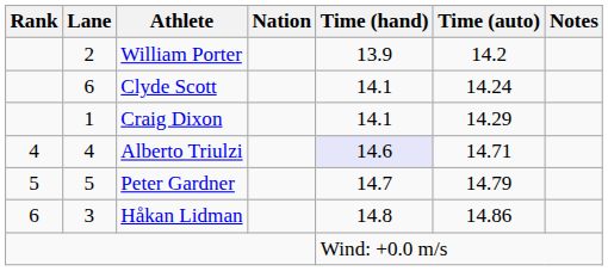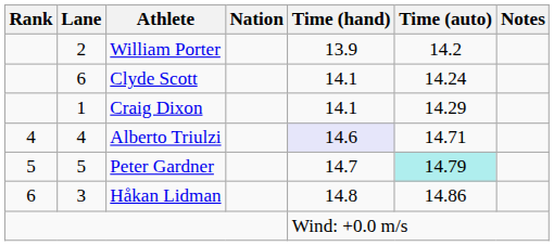 <table class="wikitable sortable" style="text-align:center">
 <tr>
 <th>Rank</th>
 <th>Lane</th>
 <th>Athlete</th>
 <th>Nation</th>
 <th>Time (hand)</th>
 <th>Time (auto)</th>
 <th>Notes</th>
 </tr>
 <tr>
 <td></td>
 <td>2</td>
 <td align=left><a href='#'>William Porter</a></td>
 <td align=left></td>
 <td>13.9</td>
 <td>14.2</td>
 <td></td>
 </tr>
 <tr>
 <td></td>
 <td>6</td>
 <td align=left><a href='#'>Clyde Scott</a></td>
 <td align=left></td>
 <td>14.1</td>
 <td>14.24</td>
 <td></td>
 </tr>
 <tr>
 <td></td>
 <td>1</td>
 <td align=left><a href='#'>Craig Dixon</a></td>
 <td align=left></td>
 <td>14.1</td>
 <td>14.29</td>
 <td></td>
 </tr>
 <tr>
 <td>4</td>
 <td>4</td>
 <td align=left><a href='#'>Alberto Triulzi</a></td>
 <td align=left></td>
 <td style="background: lavender;">14.6</td>
 <td>14.71</td>
 <td></td>
 </tr>
 <tr>
 <td>5</td>
 <td>5</td>
 <td align=left><a href='#'>Peter Gardner</a></td>
 <td align=left></td>
 <td>14.7</td>
-<td>14.79</td>
+<td style="background: paleturquoise;">14.79</td>
 <td></td>
 </tr>
 <tr>
 <td>6</td>
 <td>3</td>
 <td align=left><a href='#'>Håkan Lidman</a></td>
 <td align=left></td>
 <td>14.8</td>
 <td>14.86</td>
 <td></td>
 </tr>
 <tr class="sortbottom">
 <td colspan=4></td>
 <td colspan="3" style="text-align:left;">Wind: +0.0 m/s</td>
 </tr>
 </table>
